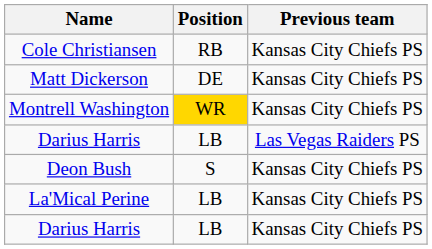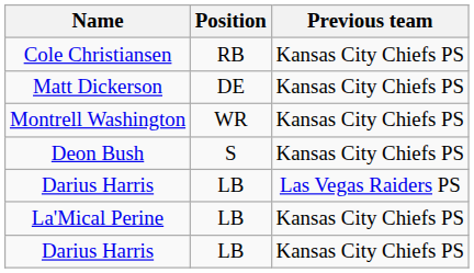 <table class="wikitable sortable" style="text-align:center">
 <tr>
 <th>Name</th>
 <th>Position</th>
 <th>Previous team</th>
 </tr>
 <tr>
 <td><a href='#'>Cole Christiansen</a></td>
 <td>RB</td>
 <td>Kansas City Chiefs PS</td>
 </tr>
 <tr>
 <td><a href='#'>Matt Dickerson</a></td>
 <td>DE</td>
 <td>Kansas City Chiefs PS</td>
 </tr>
 <tr>
 <td><a href='#'>Montrell Washington</a></td>
-<td style="background: gold;">WR</td>
+<td>WR</td>
+<td>Kansas City Chiefs PS</td>
+</tr>
+<tr>
+<td><a href='#'>Deon Bush</a></td>
+<td>S</td>
 <td>Kansas City Chiefs PS</td>
 </tr>
 <tr>
 <td><a href='#'>Darius Harris</a></td>
 <td>LB</td>
 <td><a href='#'>Las Vegas Raiders</a> PS</td>
-</tr>
-<tr>
-<td><a href='#'>Deon Bush</a></td>
-<td>S</td>
-<td>Kansas City Chiefs PS</td>
 </tr>
 <tr>
 <td><a href='#'>La'Mical Perine</a></td>
 <td>LB</td>
 <td>Kansas City Chiefs PS</td>
 </tr>
 <tr>
 <td><a href='#'>Darius Harris</a></td>
 <td>LB</td>
 <td>Kansas City Chiefs PS</td>
 </tr>
 </table>
